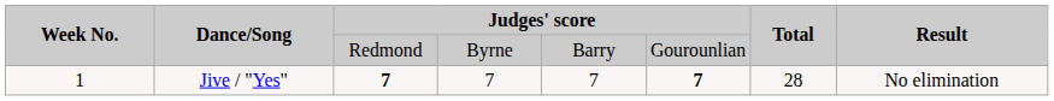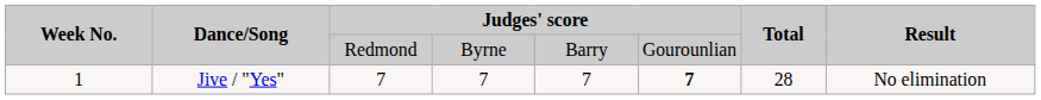 <table class="wikitable collapsible">
 <tr>
 <th rowspan="2" style="background:#ccc; text-align:Center;"><strong>Week No.</strong></th>
 <th rowspan="2" style="background:#ccc; text-align:Center;"><strong>Dance/Song</strong></th>
 <th colspan="4" style="background:#ccc; text-align:Center;"><strong>Judges' score</strong></th>
 <th rowspan="2" style="background:#ccc; text-align:Center;"><strong>Total</strong></th>
 <th rowspan="2" style="background:#ccc; text-align:Center;"><strong>Result</strong></th>
 </tr>
 <tr style="text-align:center; background:#ccc;">
 <td style="width:10%; ">Redmond</td>
 <td style="width:10%; ">Byrne</td>
 <td style="width:10%; ">Barry</td>
 <td style="width:10%; ">Gourounlian</td>
 </tr>
 <tr style="text-align:center; background:#faf6f6;">
 <td>1</td>
 <td><a href='#'>Jive</a> / "<a href='#'>Yes</a>"</td>
-<td><strong>7</strong></td>
+<td>7</td>
 <td>7</td>
 <td>7</td>
 <td><strong>7</strong></td>
 <td>28</td>
 <td>No elimination</td>
 </tr>
 </table>
